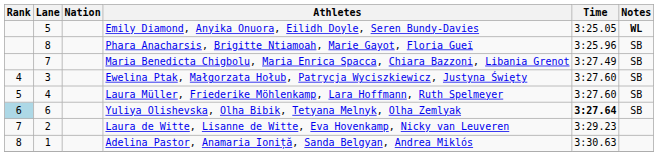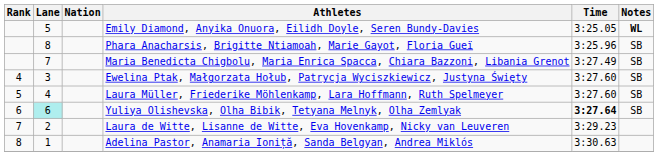 <table class="wikitable sortable" style="text-align:center">
 <tr>
 <th>Rank</th>
 <th>Lane</th>
 <th>Nation</th>
 <th>Athletes</th>
 <th>Time</th>
 <th>Notes</th>
 </tr>
 <tr>
 <td></td>
 <td>5</td>
 <td align=left></td>
 <td align=left><a href='#'>Emily Diamond</a>, <a href='#'>Anyika Onuora</a>, <a href='#'>Eilidh Doyle</a>, <a href='#'>Seren Bundy-Davies</a></td>
 <td>3:25.05</td>
 <td><strong>WL</strong></td>
 </tr>
 <tr>
 <td></td>
 <td>8</td>
 <td align=left></td>
 <td align=left><a href='#'>Phara Anacharsis</a>, <a href='#'>Brigitte Ntiamoah</a>, <a href='#'>Marie Gayot</a>, <a href='#'>Floria Gueï</a></td>
 <td>3:25.96</td>
 <td>SB</td>
 </tr>
 <tr>
 <td></td>
 <td>7</td>
 <td align=left></td>
 <td align=left><a href='#'>Maria Benedicta Chigbolu</a>, <a href='#'>Maria Enrica Spacca</a>, <a href='#'>Chiara Bazzoni</a>, <a href='#'>Libania Grenot</a></td>
 <td>3:27.49</td>
 <td>SB</td>
 </tr>
 <tr>
 <td>4</td>
 <td>3</td>
 <td align=left></td>
 <td align=left><a href='#'>Ewelina Ptak</a>, <a href='#'>Małgorzata Hołub</a>, <a href='#'>Patrycja Wyciszkiewicz</a>, <a href='#'>Justyna Święty</a></td>
 <td>3:27.60</td>
 <td>SB</td>
 </tr>
 <tr>
 <td>5</td>
 <td>4</td>
 <td align=left></td>
 <td align=left><a href='#'>Laura Müller</a>, <a href='#'>Friederike Möhlenkamp</a>, <a href='#'>Lara Hoffmann</a>, <a href='#'>Ruth Spelmeyer</a></td>
 <td>3:27.60</td>
 <td>SB</td>
 </tr>
 <tr>
-<td style="background: lightblue;">6</td>
 <td>6</td>
+<td style="background: paleturquoise;">6</td>
 <td align=left></td>
 <td align=left><a href='#'>Yuliya Olishevska</a>, <a href='#'>Olha Bibik</a>, <a href='#'>Tetyana Melnyk</a>, <a href='#'>Olha Zemlyak</a></td>
 <td><strong>3:27.64</strong></td>
 <td>SB</td>
 </tr>
 <tr>
 <td>7</td>
 <td>2</td>
 <td align=left></td>
 <td align=left><a href='#'>Laura de Witte</a>, <a href='#'>Lisanne de Witte</a>, <a href='#'>Eva Hovenkamp</a>, <a href='#'>Nicky van Leuveren</a></td>
 <td>3:29.23</td>
 <td></td>
 </tr>
 <tr>
 <td>8</td>
 <td>1</td>
 <td align=left></td>
 <td align=left><a href='#'>Adelina Pastor</a>, <a href='#'>Anamaria Ioniță</a>, <a href='#'>Sanda Belgyan</a>, <a href='#'>Andrea Miklós</a></td>
 <td>3:30.63</td>
 <td></td>
 </tr>
 <tr>
 </tr>
 </table>
